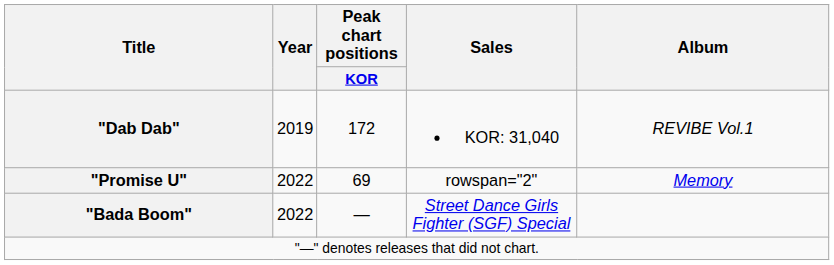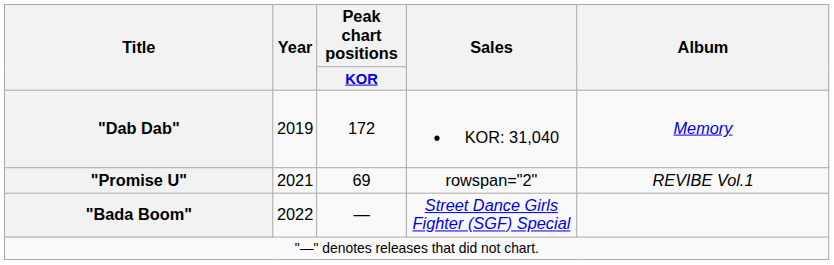 <table class="wikitable plainrowheaders" style="text-align:center" border="1">
 <tr>
 <th scope="col" rowspan="2" style="width:16em">Title</th>
 <th scope="col" rowspan="2">Year</th>
 <th scope="col" colspan="1" style="width:5em">Peak chart positions</th>
 <th scope="col" rowspan="2" style="width:10em">Sales</th>
 <th scope="col" rowspan="2" style="width:15em">Album</th>
 </tr>
 <tr>
 <th scope="col" style="width:3em;font-size:90%"><a href='#'>KOR</a><br></th>
 </tr>
 <tr>
 <th scope="row">"Dab Dab" <br></th>
 <td>2019</td>
 <td>172</td>
 <td><br><ul><li>KOR: 31,040</li></ul></td>
-<td><em>REVIBE Vol.1</em></td>
+<td><em><a href='#'>Memory</a></em></td>
 </tr>
 <tr>
 <th scope="row">"Promise U" </th>
-<td>2022</td>
+<td>2021</td>
 <td>69</td>
 <td>rowspan="2" </td>
-<td><em><a href='#'>Memory</a></em></td>
+<td><em>REVIBE Vol.1</em></td>
 </tr>
 <tr>
 <th scope="row">"Bada Boom" <br></th>
 <td>2022</td>
 <td>—</td>
 <td><em><a href='#'>Street Dance Girls Fighter (SGF) Special</a></em></td>
 </tr>
 <tr>
 <td colspan="7" style="font-size:85%">"—" denotes releases that did not chart.</td>
 </tr>
 </table>
